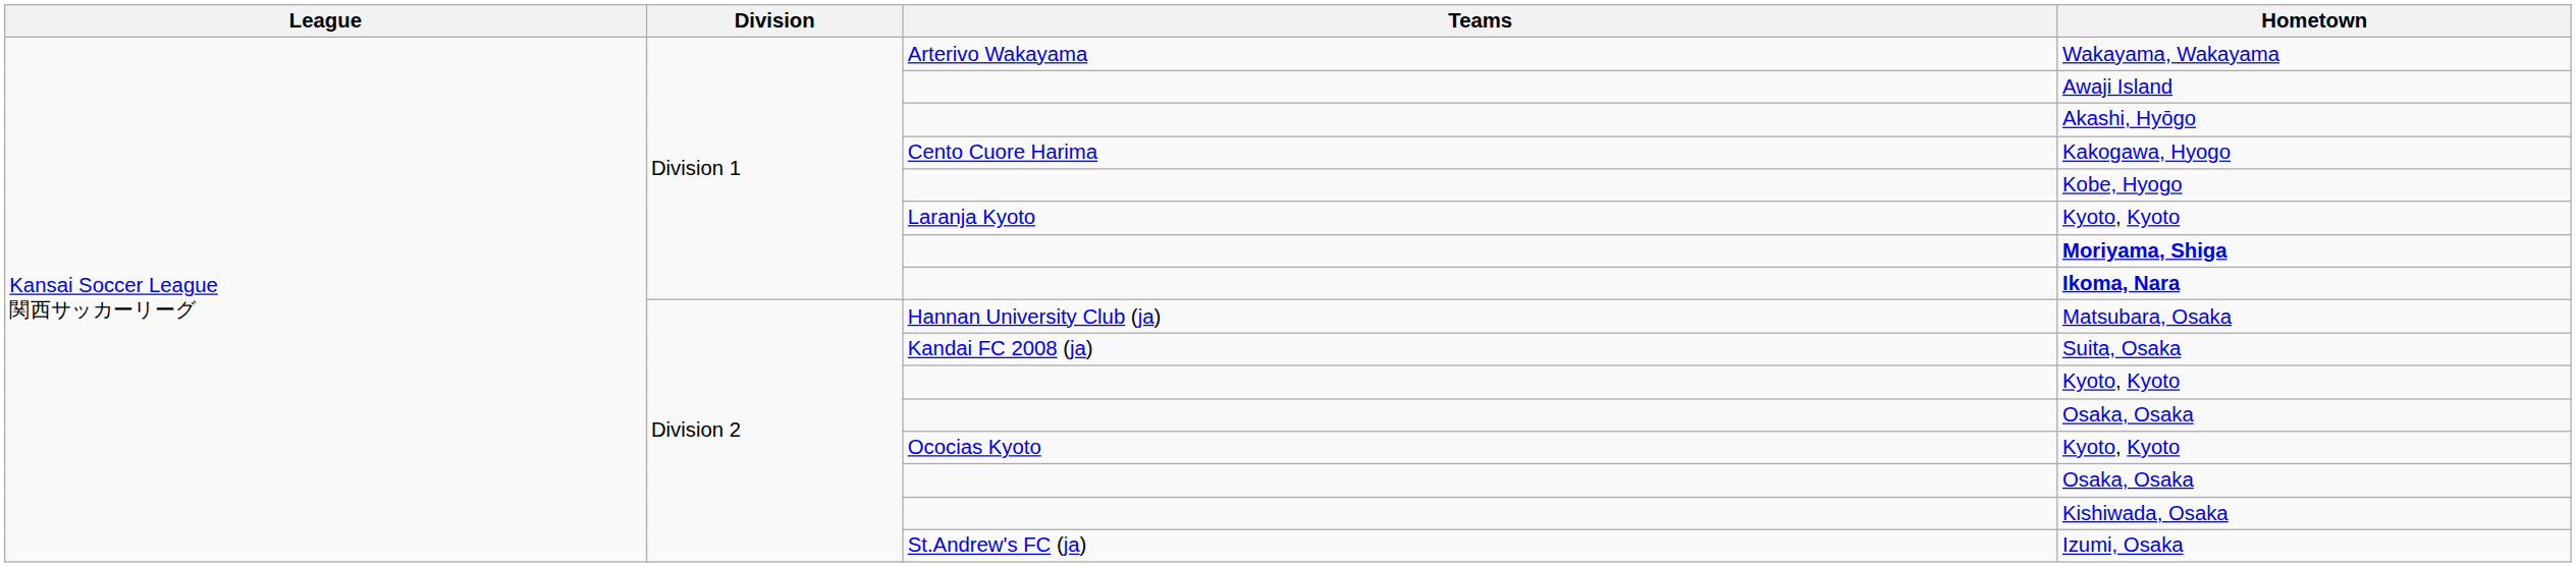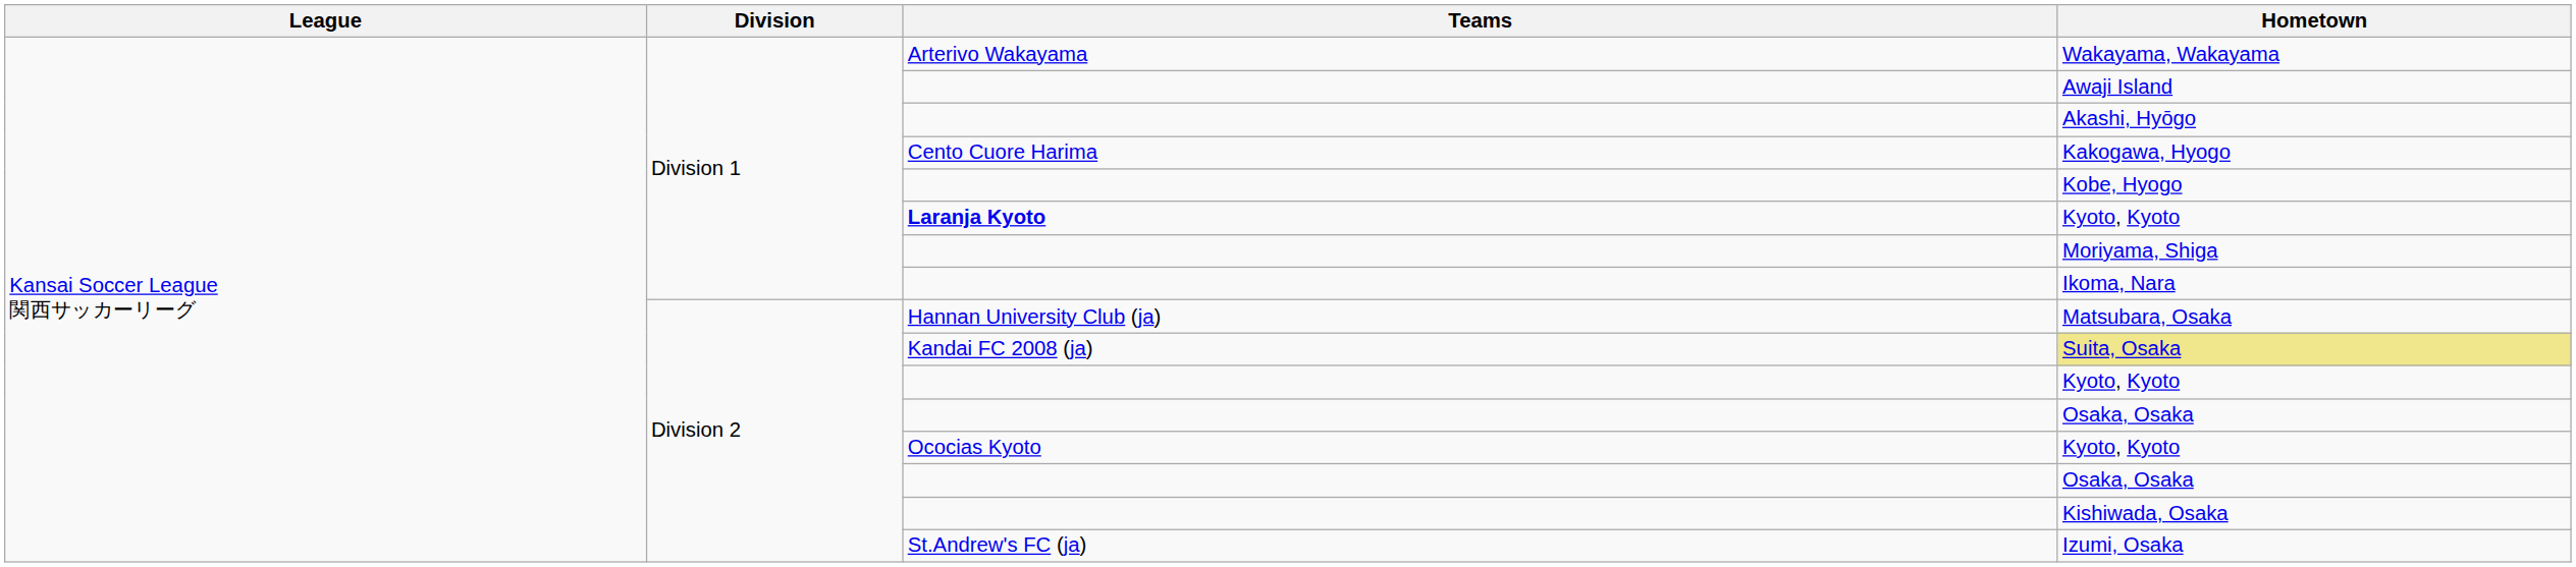 <table class="wikitable" width=100%>
 <tr>
 <th width=25%>League</th>
 <th width=10%>Division</th>
 <th width=45%>Teams</th>
 <th width=20%>Hometown</th>
 </tr>
 <tr>
 <td rowspan="16"><a href='#'>Kansai Soccer League</a><br>関西サッカーリーグ</td>
 <td rowspan="8">Division 1</td>
 <td><a href='#'>Arterivo Wakayama</a></td>
 <td><a href='#'>Wakayama, Wakayama</a></td>
 </tr>
 <tr>
 <td></td>
 <td><a href='#'>Awaji Island</a></td>
 </tr>
 <tr>
 <td></td>
 <td><a href='#'>Akashi, Hyōgo</a></td>
 </tr>
 <tr>
 <td><a href='#'>Cento Cuore Harima</a></td>
 <td><a href='#'>Kakogawa, Hyogo</a></td>
 </tr>
 <tr>
 <td> </td>
 <td><a href='#'>Kobe, Hyogo</a></td>
 </tr>
 <tr>
-<td><a href='#'>Laranja Kyoto</a> </td>
+<td><strong><a href='#'>Laranja Kyoto</a> </strong></td>
 <td><a href='#'>Kyoto</a>, <a href='#'>Kyoto</a></td>
 </tr>
 <tr>
 <td></td>
-<td><strong><a href='#'>Moriyama, Shiga</a></strong></td>
+<td><a href='#'>Moriyama, Shiga</a></td>
 </tr>
 <tr>
 <td></td>
-<td><strong><a href='#'>Ikoma, Nara</a></strong></td>
+<td><a href='#'>Ikoma, Nara</a></td>
 </tr>
 <tr>
 <td rowspan="8">Division 2</td>
 <td><a href='#'>Hannan University Club</a> (<a href='#'>ja</a>) </td>
 <td><a href='#'>Matsubara, Osaka</a></td>
 </tr>
 <tr>
 <td><a href='#'>Kandai FC 2008</a> (<a href='#'>ja</a>) </td>
-<td><a href='#'>Suita, Osaka</a></td>
+<td style="background: khaki;"><a href='#'>Suita, Osaka</a></td>
 </tr>
 <tr>
 <td></td>
 <td><a href='#'>Kyoto</a>, <a href='#'>Kyoto</a></td>
 </tr>
 <tr>
 <td></td>
 <td><a href='#'>Osaka, Osaka</a></td>
 </tr>
 <tr>
 <td><a href='#'>Ococias Kyoto</a></td>
 <td><a href='#'>Kyoto</a>, <a href='#'>Kyoto</a></td>
 </tr>
 <tr>
 <td></td>
 <td><a href='#'>Osaka, Osaka</a></td>
 </tr>
 <tr>
 <td> </td>
 <td><a href='#'>Kishiwada, Osaka</a></td>
 </tr>
 <tr>
 <td><a href='#'>St.Andrew's FC</a> (<a href='#'>ja</a>)</td>
 <td><a href='#'>Izumi, Osaka</a></td>
 </tr>
 </table>
